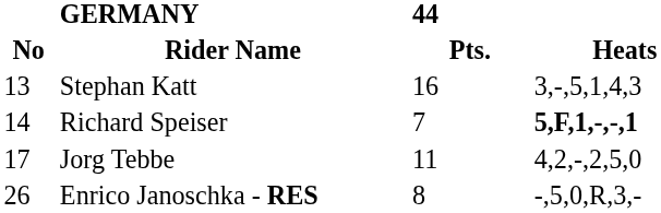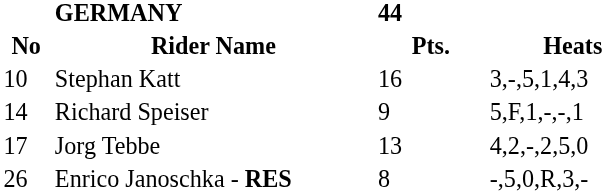 <table class="toccolours">
 <tr>
 <td></td>
 <td><strong>GERMANY</strong></td>
 <td><strong>44</strong></td>
 </tr>
 <tr style="background-color:">
 <th width=30px>No</th>
 <th width=210px>Rider Name</th>
 <th width=70px>Pts.</th>
 <th width=110px>Heats</th>
 </tr>
 <tr style="background-color:">
-<td>13</td>
+<td>10</td>
 <td>Stephan Katt</td>
 <td>16</td>
 <td>3,-,5,1,4,3</td>
 </tr>
 <tr style="background-color:">
 <td>14</td>
 <td>Richard Speiser</td>
-<td>7</td>
-<td><strong>5,F,1,-,-,1</strong></td>
+<td>9</td>
+<td>5,F,1,-,-,1</td>
 </tr>
 <tr style="background-color:">
 <td>17</td>
 <td>Jorg Tebbe</td>
-<td>11</td>
+<td>13</td>
 <td>4,2,-,2,5,0</td>
 </tr>
 <tr style="background-color:">
 <td>26</td>
 <td>Enrico Janoschka - <strong>RES</strong></td>
 <td>8</td>
 <td>-,5,0,R,3,-</td>
 </tr>
 </table>
